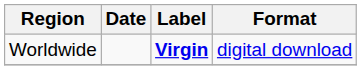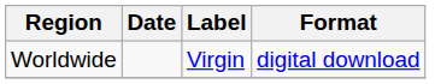 <table class="wikitable">
 <tr>
 <th>Region</th>
 <th>Date</th>
 <th>Label</th>
 <th>Format</th>
 </tr>
 <tr>
 <td>Worldwide</td>
 <td rowspan="1"></td>
-<td rowspan="1"><strong><a href='#'>Virgin</a></strong></td>
+<td rowspan="1"><a href='#'>Virgin</a></td>
 <td rowspan="1"><a href='#'>digital download</a></td>
 </tr>
 <tr>
 </tr>
 </table>
